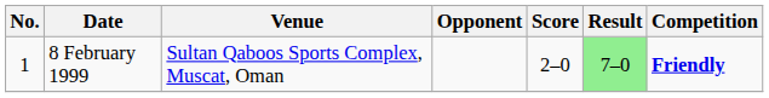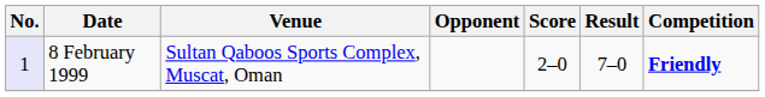 <table class="wikitable sortable">
 <tr>
 <th>No.</th>
 <th>Date</th>
 <th>Venue</th>
 <th>Opponent</th>
 <th>Score</th>
 <th>Result</th>
 <th>Competition</th>
 </tr>
 <tr>
-<td align=center>1</td>
+<td align=center style="background: lavender;">1</td>
 <td>8 February 1999</td>
 <td><a href='#'>Sultan Qaboos Sports Complex</a>, <a href='#'>Muscat</a>, Oman</td>
 <td></td>
 <td align=center>2–0</td>
-<td align=center style="background: lightgreen;">7–0</td>
+<td align=center>7–0</td>
 <td><strong><a href='#'>Friendly</a></strong></td>
 </tr>
 <tr>
 </tr>
 </table>
